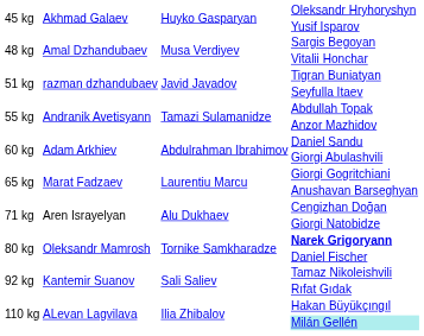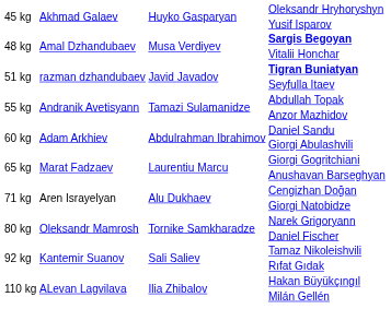 <table>
 <tr>
 <td rowspan=2>45 kg</td>
 <td rowspan=2> <a href='#'>Akhmad Galaev</a></td>
 <td rowspan=2> <a href='#'>Huyko Gasparyan</a></td>
 <td> <a href='#'>Oleksandr Hryhoryshyn</a></td>
 </tr>
 <tr>
 <td> <a href='#'>Yusif Isparov</a></td>
 </tr>
 <tr>
 <td rowspan=2>48 kg</td>
 <td rowspan=2> <a href='#'>Amal Dzhandubaev</a></td>
 <td rowspan=2> <a href='#'>Musa Verdiyev</a></td>
-<td> <a href='#'>Sargis Begoyan</a></td>
+<td><strong> <a href='#'>Sargis Begoyan</a></strong></td>
 </tr>
 <tr>
 <td> <a href='#'>Vitalii Honchar</a></td>
 </tr>
 <tr>
 <td rowspan=2>51 kg</td>
 <td rowspan=2> <a href='#'>razman dzhandubaev</a></td>
 <td rowspan=2> <a href='#'>Javid Javadov</a></td>
-<td> <a href='#'>Tigran Buniatyan</a></td>
+<td><strong> <a href='#'>Tigran Buniatyan</a></strong></td>
 </tr>
 <tr>
 <td> <a href='#'>Seyfulla Itaev</a></td>
 </tr>
 <tr>
 <td rowspan=2>55 kg</td>
 <td rowspan=2> <a href='#'>Andranik Avetisyann</a></td>
 <td rowspan=2> <a href='#'>Tamazi Sulamanidze</a></td>
 <td> <a href='#'>Abdullah Topak</a></td>
 </tr>
 <tr>
 <td> <a href='#'>Anzor Mazhidov</a></td>
 </tr>
 <tr>
 <td rowspan=2>60 kg</td>
 <td rowspan=2> <a href='#'>Adam Arkhiev</a></td>
 <td rowspan=2> <a href='#'>Abdulrahman Ibrahimov</a></td>
 <td> <a href='#'>Daniel Sandu</a></td>
 </tr>
 <tr>
 <td> <a href='#'>Giorgi Abulashvili</a></td>
 </tr>
 <tr>
 <td rowspan=2>65 kg</td>
 <td rowspan=2> <a href='#'>Marat Fadzaev</a></td>
 <td rowspan=2> <a href='#'>Laurentiu Marcu</a></td>
 <td> <a href='#'>Giorgi Gogritchiani</a></td>
 </tr>
 <tr>
 <td> <a href='#'>Anushavan Barseghyan</a></td>
 </tr>
 <tr>
 <td rowspan=2>71 kg</td>
 <td rowspan=2> Aren Israyelyan</td>
 <td rowspan=2> <a href='#'>Alu Dukhaev</a></td>
 <td> <a href='#'>Cengizhan Doğan</a></td>
 </tr>
 <tr>
 <td> <a href='#'>Giorgi Natobidze</a></td>
 </tr>
 <tr>
 <td rowspan=2>80 kg</td>
 <td rowspan=2> <a href='#'>Oleksandr Mamrosh</a></td>
 <td rowspan=2> <a href='#'>Tornike Samkharadze</a></td>
-<td><strong> <a href='#'>Narek Grigoryann</a></strong></td>
+<td> <a href='#'>Narek Grigoryann</a></td>
 </tr>
 <tr>
 <td> <a href='#'>Daniel Fischer</a></td>
 </tr>
 <tr>
 <td rowspan=2>92 kg</td>
 <td rowspan=2> <a href='#'>Kantemir Suanov</a></td>
 <td rowspan=2> <a href='#'>Sali Saliev</a></td>
 <td> <a href='#'>Tamaz Nikoleishvili</a></td>
 </tr>
 <tr>
 <td> <a href='#'>Rıfat Gıdak</a></td>
 </tr>
 <tr>
 <td rowspan=2>110 kg</td>
 <td rowspan=2> <a href='#'>ALevan Lagvilava</a></td>
 <td rowspan=2> <a href='#'>Ilia Zhibalov</a></td>
 <td> <a href='#'>Hakan Büyükçıngıl</a></td>
 </tr>
 <tr>
-<td style="background: paleturquoise;"> <a href='#'>Milán Gellén</a></td>
+<td> <a href='#'>Milán Gellén</a></td>
 </tr>
 </table>
